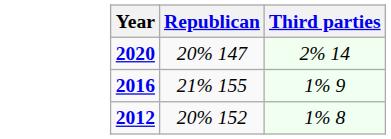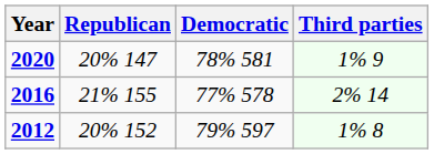 <table class="wikitable" style="float:right; font-size:95%;">
 <tr bgcolor=lightgrey>
 <th>Year</th>
 <th><a href='#'>Republican</a></th>
+<th><a href='#'>Democratic</a></th>
 <th><a href='#'>Third parties</a></th>
 </tr>
 <tr>
 <td style="text-align:center; "><strong><a href='#'>2020</a></strong></td>
 <td style="text-align:center; "><em>20%</em> <em>147</em></td>
-<td style="text-align:center; background:honeyDew;"><em>2%</em> <em>14</em></td>
+<td style="text-align:center; "><em>78%</em> <em>581</em></td>
+<td style="text-align:center; background:honeyDew;"><em>1%</em> <em>9</em></td>
 </tr>
 <tr>
 <td style="text-align:center; "><strong><a href='#'>2016</a></strong></td>
 <td style="text-align:center; "><em>21%</em> <em>155</em></td>
-<td style="text-align:center; background:honeyDew;"><em>1%</em> <em>9</em></td>
+<td style="text-align:center; "><em>77%</em> <em>578</em></td>
+<td style="text-align:center; background:honeyDew;"><em>2%</em> <em>14</em></td>
 </tr>
 <tr>
 <td style="text-align:center; "><strong><a href='#'>2012</a></strong></td>
 <td style="text-align:center; "><em>20%</em> <em>152</em></td>
+<td style="text-align:center; "><em>79%</em> <em>597</em></td>
 <td style="text-align:center; background:honeyDew;"><em>1%</em> <em>8</em></td>
 </tr>
 </table>
